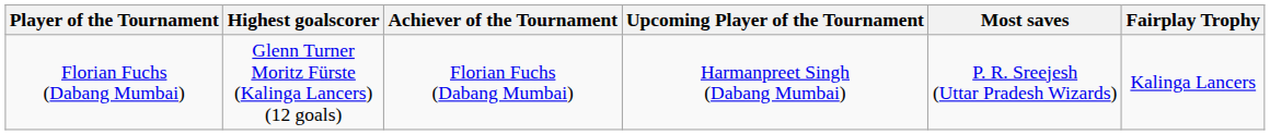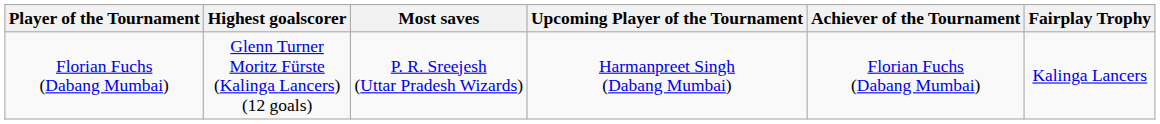 <table class=wikitable style="margin:auto; text-align:center">
 <tr>
 <th>Player of the Tournament</th>
 <th>Highest goalscorer</th>
+<th>Most saves</th>
+<th>Upcoming Player of the Tournament</th>
 <th>Achiever of the Tournament</th>
-<th>Upcoming Player of the Tournament</th>
-<th>Most saves</th>
 <th>Fairplay Trophy</th>
 </tr>
 <tr>
 <td><a href='#'>Florian Fuchs</a><br>(<a href='#'>Dabang Mumbai</a>)</td>
 <td><a href='#'>Glenn Turner</a><br><a href='#'>Moritz Fürste</a><br>(<a href='#'>Kalinga Lancers</a>)<br>(12 goals)</td>
+<td><a href='#'>P. R. Sreejesh</a><br>(<a href='#'>Uttar Pradesh Wizards</a>)</td>
+<td><a href='#'>Harmanpreet Singh</a><br>(<a href='#'>Dabang Mumbai</a>)</td>
 <td><a href='#'>Florian Fuchs</a><br>(<a href='#'>Dabang Mumbai</a>)</td>
-<td><a href='#'>Harmanpreet Singh</a><br>(<a href='#'>Dabang Mumbai</a>)</td>
-<td><a href='#'>P. R. Sreejesh</a><br>(<a href='#'>Uttar Pradesh Wizards</a>)</td>
 <td><a href='#'>Kalinga Lancers</a></td>
 </tr>
 </table>
